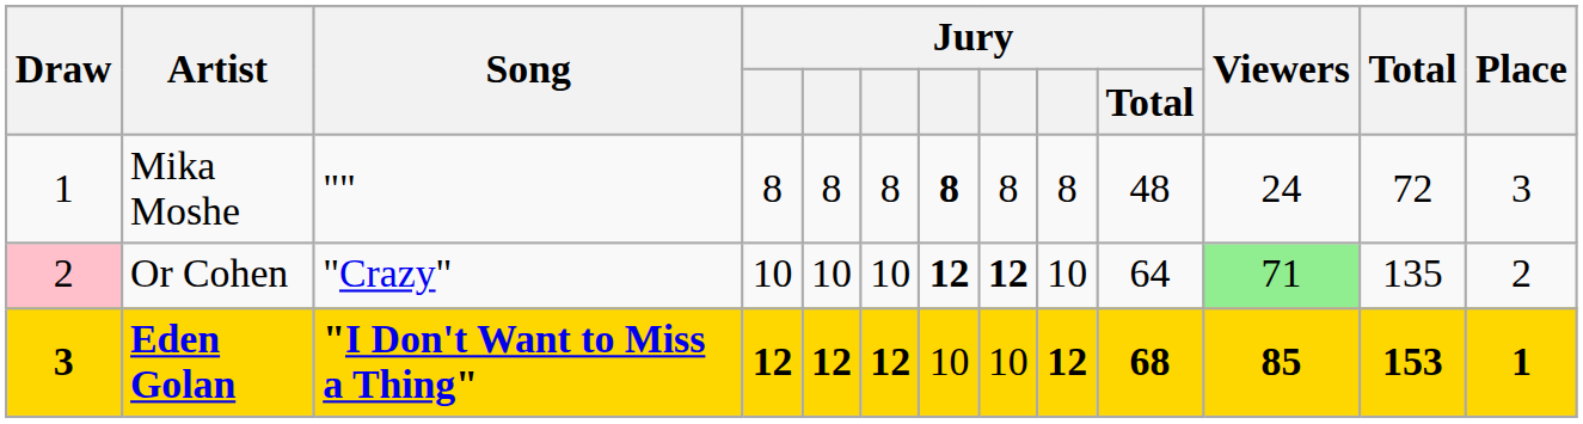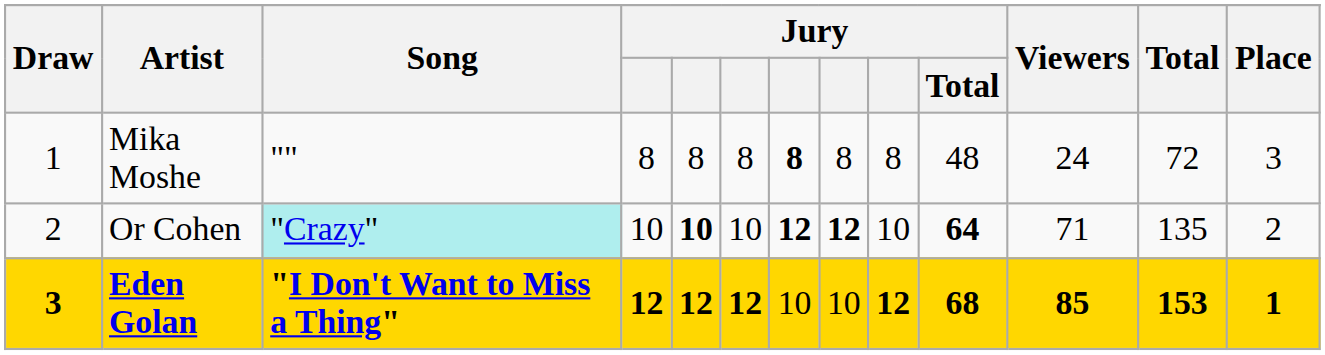 <table class="sortable wikitable" style="margin: 1em auto 1em auto; text-align:center; font-size:100%;">
 <tr>
 </tr>
 <tr>
 <th rowspan="2">Draw</th>
 <th rowspan="2">Artist</th>
 <th rowspan="2">Song</th>
 <th colspan="7" class="unsortable">Jury</th>
 <th rowspan="2">Viewers</th>
 <th rowspan="2">Total</th>
 <th rowspan="2">Place</th>
 </tr>
 <tr>
 <th class="unsortable"></th>
 <th class="unsortable"></th>
 <th class="unsortable"></th>
 <th class="unsortable"></th>
 <th class="unsortable"></th>
 <th class="unsortable"></th>
 <th>Total</th>
 </tr>
 <tr>
 <td>1</td>
 <td align="left">Mika Moshe</td>
 <td align="left">""</td>
 <td>8</td>
 <td>8</td>
 <td>8</td>
 <td><strong>8</strong></td>
 <td>8</td>
 <td>8</td>
 <td>48</td>
 <td>24</td>
 <td>72</td>
 <td>3</td>
 </tr>
 <tr>
-<td style="background: pink;">2</td>
+<td>2</td>
 <td align="left">Or Cohen</td>
-<td align="left">"<a href='#'>Crazy</a>"</td>
+<td align="left" style="background: paleturquoise;">"<a href='#'>Crazy</a>"</td>
 <td>10</td>
-<td>10</td>
+<td><strong>10</strong></td>
 <td>10</td>
 <td><strong>12</strong></td>
 <td><strong>12</strong></td>
 <td>10</td>
-<td>64</td>
-<td style="background: lightgreen;">71</td>
+<td><strong>64</strong></td>
+<td>71</td>
 <td>135</td>
 <td>2</td>
 </tr>
 <tr style="background:gold;">
 <td><strong>3</strong></td>
 <td align="left"><strong><a href='#'>Eden Golan</a></strong></td>
 <td align="left"><strong>"<a href='#'>I Don't Want to Miss a Thing</a>"</strong></td>
 <td><strong>12</strong></td>
 <td><strong>12</strong></td>
 <td><strong>12</strong></td>
 <td>10</td>
 <td>10</td>
 <td><strong>12</strong></td>
 <td><strong>68</strong></td>
 <td><strong>85</strong></td>
 <td><strong>153</strong></td>
 <td><strong>1</strong></td>
 </tr>
 </table>
